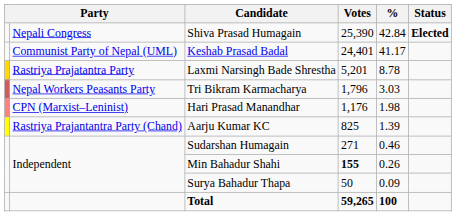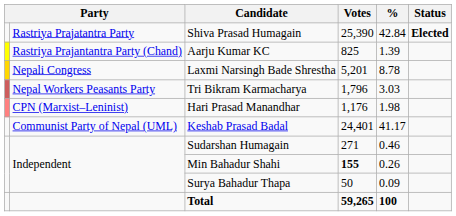 <table class="wikitable">
 <tr>
 <th colspan="2">Party</th>
 <th>Candidate</th>
 <th>Votes</th>
 <th>%</th>
 <th>Status</th>
 </tr>
 <tr>
 <td style="background-color:"></td>
-<td><a href='#'>Nepali Congress</a></td>
+<td><a href='#'>Rastriya Prajatantra Party</a></td>
 <td>Shiva Prasad Humagain</td>
 <td>25,390</td>
 <td>42.84</td>
 <td><strong>Elected</strong></td>
 </tr>
 <tr>
-<td style="background-color:"></td>
-<td><a href='#'>Communist Party of Nepal (UML)</a></td>
-<td><a href='#'>Keshab Prasad Badal</a></td>
-<td>24,401</td>
-<td>41.17</td>
+<td style="background-color:yellow"></td>
+<td><a href='#'>Rastriya Prajantantra Party (Chand)</a></td>
+<td>Aarju Kumar KC</td>
+<td>825</td>
+<td>1.39</td>
 <td></td>
 </tr>
 <tr>
 <td style="background-color:gold"></td>
-<td><a href='#'>Rastriya Prajatantra Party</a></td>
+<td><a href='#'>Nepali Congress</a></td>
 <td>Laxmi Narsingh Bade Shrestha</td>
 <td>5,201</td>
 <td>8.78</td>
 <td></td>
 </tr>
 <tr>
 <td style="background-color:indianred"></td>
 <td><a href='#'>Nepal Workers Peasants Party</a></td>
 <td>Tri Bikram Karmacharya</td>
 <td>1,796</td>
 <td>3.03</td>
 <td></td>
 </tr>
 <tr>
 <td style="background-color:#ff8080"></td>
 <td><a href='#'>CPN (Marxist–Leninist)</a></td>
 <td>Hari Prasad Manandhar</td>
 <td>1,176</td>
 <td>1.98</td>
 <td></td>
 </tr>
 <tr>
-<td style="background-color:yellow"></td>
-<td><a href='#'>Rastriya Prajantantra Party (Chand)</a></td>
-<td>Aarju Kumar KC</td>
-<td>825</td>
-<td>1.39</td>
+<td style="background-color:"></td>
+<td><a href='#'>Communist Party of Nepal (UML)</a></td>
+<td><a href='#'>Keshab Prasad Badal</a></td>
+<td>24,401</td>
+<td>41.17</td>
 <td></td>
 </tr>
 <tr>
 <td rowspan="3"></td>
 <td rowspan="3">Independent</td>
 <td>Sudarshan Humagain</td>
 <td>271</td>
 <td>0.46</td>
 <td></td>
 </tr>
 <tr>
 <td>Min Bahadur Shahi</td>
 <td><strong>155</strong></td>
 <td>0.26</td>
 <td></td>
 </tr>
 <tr>
 <td>Surya Bahadur Thapa</td>
 <td>50</td>
 <td>0.09</td>
 <td></td>
 </tr>
 <tr>
 <td></td>
 <td></td>
 <td><strong>Total</strong></td>
 <td><strong>59,265</strong></td>
 <td><strong>100</strong></td>
 <td></td>
 </tr>
 </table>
